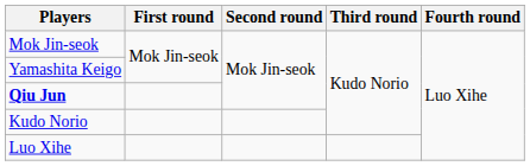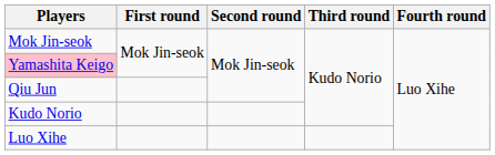 <table class="wikitable">
 <tr>
 <th>Players</th>
 <th>First round</th>
 <th>Second round</th>
 <th>Third round</th>
 <th>Fourth round</th>
 </tr>
 <tr>
 <td> <a href='#'>Mok Jin-seok</a></td>
 <td rowspan="2" valign="center">Mok Jin-seok</td>
 <td rowspan="3" valign="center">Mok Jin-seok</td>
 <td rowspan="4" valign="center">Kudo Norio</td>
 <td rowspan="5" valign="center">Luo Xihe</td>
 </tr>
 <tr>
-<td> <a href='#'>Yamashita Keigo</a></td>
+<td style="background: pink;"> <a href='#'>Yamashita Keigo</a></td>
 </tr>
 <tr>
-<td><strong> <a href='#'>Qiu Jun</a></strong></td>
+<td> <a href='#'>Qiu Jun</a></td>
 <td></td>
 </tr>
 <tr>
 <td> <a href='#'>Kudo Norio</a></td>
 <td></td>
 <td></td>
 </tr>
 <tr>
 <td> <a href='#'>Luo Xihe</a></td>
 <td></td>
 <td></td>
 <td></td>
 </tr>
 </table>
